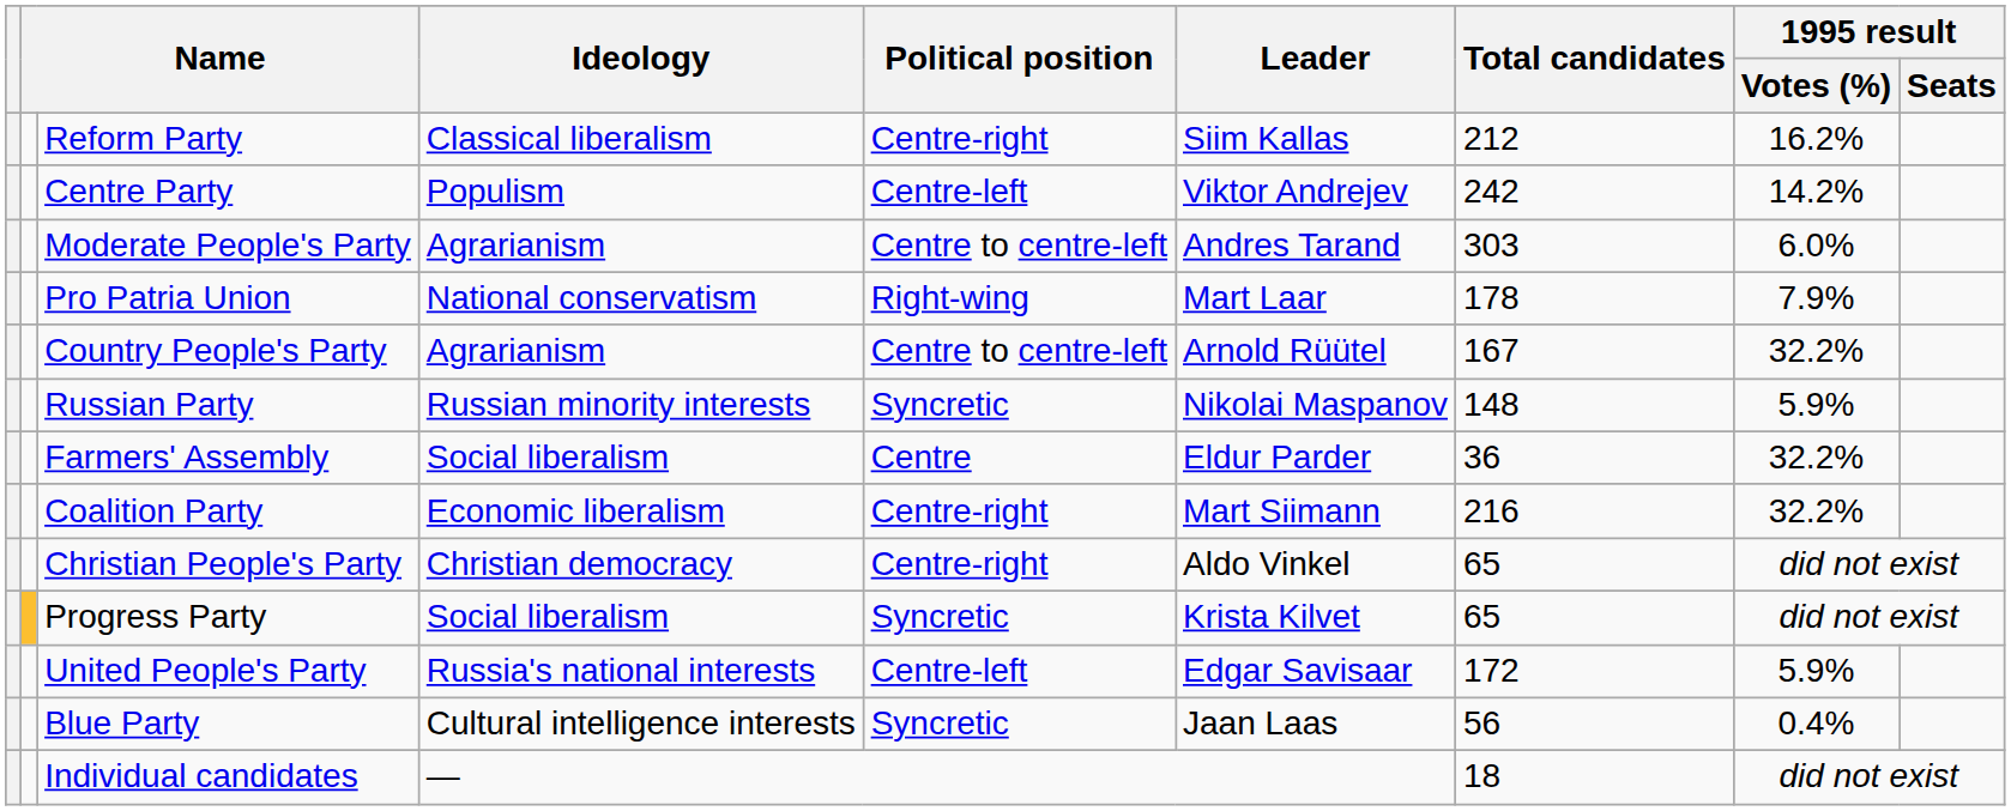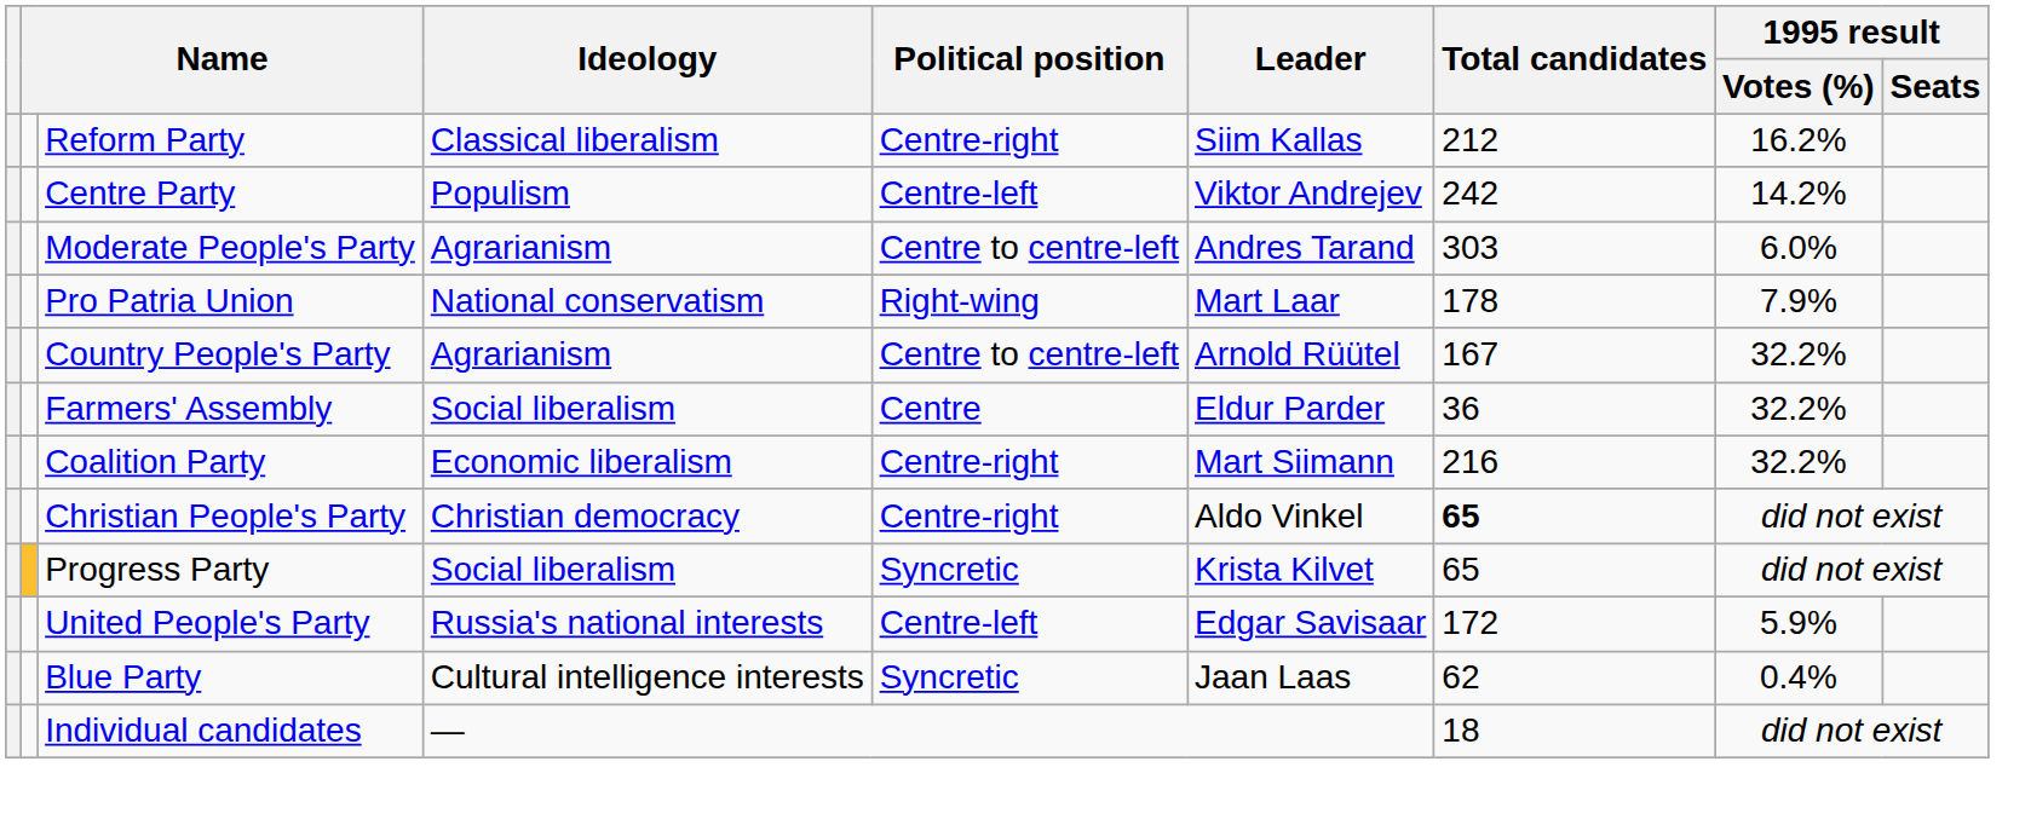 <table class="wikitable" style="text-align:left">
 <tr>
 <th rowspan="2"></th>
 <th colspan="2" rowspan="2">Name</th>
 <th rowspan="2">Ideology</th>
 <th rowspan="2">Political position</th>
 <th rowspan="2">Leader</th>
 <th rowspan="2">Total candidates</th>
 <th colspan="2">1995 result</th>
 </tr>
 <tr>
 <th>Votes (%)</th>
 <th>Seats</th>
 </tr>
 <tr>
 <th></th>
 <td style="background:"></td>
 <td><a href='#'>Reform Party</a></td>
 <td><a href='#'>Classical liberalism</a></td>
 <td><a href='#'>Centre-right</a></td>
 <td><a href='#'>Siim Kallas</a></td>
 <td>212</td>
 <td style="text-align:center">16.2%</td>
 <td></td>
 </tr>
 <tr>
 <th></th>
 <td style="background:"></td>
 <td><a href='#'>Centre Party</a></td>
 <td><a href='#'>Populism</a></td>
 <td><a href='#'>Centre-left</a></td>
 <td><a href='#'>Viktor Andrejev</a></td>
 <td>242</td>
 <td style="text-align:center">14.2%</td>
 <td></td>
 </tr>
 <tr>
 <th></th>
 <td style="background:"></td>
 <td><a href='#'>Moderate People's Party</a></td>
 <td><a href='#'>Agrarianism</a></td>
 <td><a href='#'>Centre</a> to <a href='#'>centre-left</a></td>
 <td><a href='#'>Andres Tarand</a></td>
 <td>303</td>
 <td style="text-align:center">6.0%</td>
 <td></td>
 </tr>
 <tr>
 <th></th>
 <td style="background:"></td>
 <td><a href='#'>Pro Patria Union</a></td>
 <td><a href='#'>National conservatism</a></td>
 <td><a href='#'>Right-wing</a></td>
 <td><a href='#'>Mart Laar</a></td>
 <td>178</td>
 <td style="text-align:center">7.9%</td>
 <td></td>
 </tr>
 <tr>
 <th></th>
 <td style="background:"></td>
 <td><a href='#'>Country People's Party</a></td>
 <td><a href='#'>Agrarianism</a></td>
 <td><a href='#'>Centre</a> to <a href='#'>centre-left</a></td>
 <td><a href='#'>Arnold Rüütel</a></td>
 <td>167</td>
 <td style="text-align:center">32.2%</td>
 <td></td>
 </tr>
 <tr>
 <th></th>
 <td style="background:"></td>
-<td><a href='#'>Russian Party</a></td>
-<td><a href='#'>Russian minority interests</a></td>
-<td><a href='#'>Syncretic</a></td>
-<td><a href='#'>Nikolai Maspanov</a></td>
-<td>148</td>
-<td style="text-align:center">5.9%</td>
-<td></td>
-</tr>
-<tr>
-<th></th>
-<td style="background:"></td>
 <td><a href='#'>Farmers' Assembly</a></td>
 <td><a href='#'>Social liberalism</a></td>
 <td><a href='#'>Centre</a></td>
 <td><a href='#'>Eldur Parder</a></td>
 <td>36</td>
 <td style="text-align:center">32.2%</td>
 <td></td>
 </tr>
 <tr>
 <th></th>
 <td style="background:"></td>
 <td><a href='#'>Coalition Party</a></td>
 <td><a href='#'>Economic liberalism</a></td>
 <td><a href='#'>Centre-right</a></td>
 <td><a href='#'>Mart Siimann</a></td>
 <td>216</td>
 <td style="text-align:center">32.2%</td>
 <td></td>
 </tr>
 <tr>
 <th></th>
 <td style="background:"></td>
 <td><a href='#'>Christian People's Party</a></td>
 <td><a href='#'>Christian democracy</a></td>
 <td><a href='#'>Centre-right</a></td>
 <td>Aldo Vinkel</td>
-<td>65</td>
+<td><strong>65</strong></td>
 <td colspan="2" style="text-align:center"><em>did not exist</em></td>
 </tr>
 <tr>
 <th></th>
 <td style="background:#FCBF30"></td>
 <td>Progress Party</td>
 <td><a href='#'>Social liberalism</a></td>
 <td><a href='#'>Syncretic</a></td>
 <td><a href='#'>Krista Kilvet</a></td>
 <td>65</td>
 <td colspan="2" style="text-align:center"><em>did not exist</em></td>
 </tr>
 <tr>
 <th></th>
 <td style="background:"></td>
 <td><a href='#'>United People's Party</a></td>
 <td><a href='#'>Russia's national interests</a></td>
 <td><a href='#'>Centre-left</a></td>
 <td><a href='#'>Edgar Savisaar</a></td>
 <td>172</td>
 <td style="text-align:center">5.9%</td>
 <td></td>
 </tr>
 <tr>
 <th></th>
 <td style="background:"></td>
 <td><a href='#'>Blue Party</a></td>
 <td>Cultural intelligence interests</td>
 <td><a href='#'>Syncretic</a></td>
 <td>Jaan Laas</td>
-<td>56</td>
+<td>62</td>
 <td style="text-align:center">0.4%</td>
 <td></td>
 </tr>
 <tr>
 <th></th>
 <td style="background:"></td>
 <td><a href='#'>Individual candidates</a></td>
 <td colspan="3">—</td>
 <td>18</td>
 <td colspan="2" style="text-align:center"><em>did not exist</em></td>
 </tr>
 </table>
